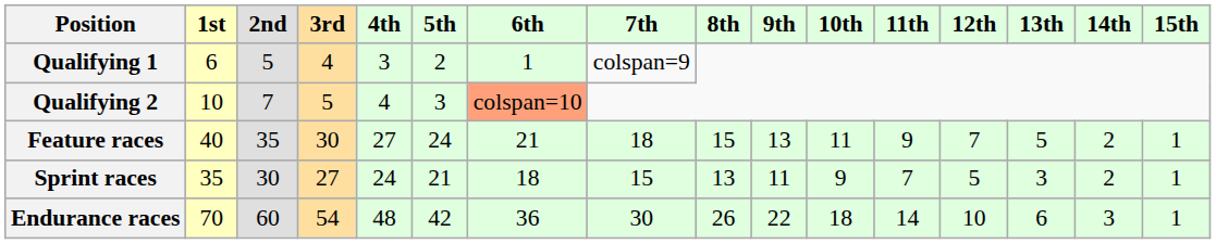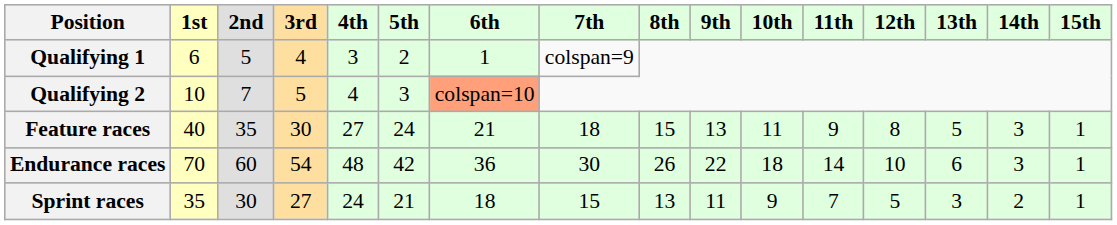 <table class="wikitable" style="font-size:85%; text-align:center">
 <tr>
 <th>Position</th>
 <td style="background:#ffffbf;"> <strong>1st</strong> </td>
 <td style="background:#dfdfdf;"> <strong>2nd</strong> </td>
 <td style="background:#ffdf9f;"> <strong>3rd</strong> </td>
 <td style="background:#dfffdf;"> <strong>4th</strong> </td>
 <td style="background:#dfffdf;"> <strong>5th</strong> </td>
 <td style="background:#dfffdf;"> <strong>6th</strong> </td>
 <td style="background:#dfffdf;"> <strong>7th</strong> </td>
 <td style="background:#dfffdf;"> <strong>8th</strong> </td>
 <td style="background:#dfffdf;"> <strong>9th</strong> </td>
 <td style="background:#dfffdf;"> <strong>10th</strong> </td>
 <td style="background:#dfffdf;"> <strong>11th</strong> </td>
 <td style="background:#dfffdf;"> <strong>12th</strong> </td>
 <td style="background:#dfffdf;"> <strong>13th</strong> </td>
 <td style="background:#dfffdf;"> <strong>14th</strong> </td>
 <td style="background:#dfffdf;"> <strong>15th</strong> </td>
 </tr>
 <tr>
 <th>Qualifying 1</th>
 <td style="background:#ffffbf;">6</td>
 <td style="background:#dfdfdf;">5</td>
 <td style="background:#ffdf9f;">4</td>
 <td style="background:#dfffdf;">3</td>
 <td style="background:#dfffdf;">2</td>
 <td style="background:#dfffdf;">1</td>
 <td>colspan=9 </td>
 </tr>
 <tr>
 <th>Qualifying 2</th>
 <td style="background:#ffffbf;">10</td>
 <td style="background:#dfdfdf;">7</td>
 <td style="background:#ffdf9f;">5</td>
 <td style="background:#dfffdf;">4</td>
 <td style="background:#dfffdf;">3</td>
 <td style="background: lightsalmon;">colspan=10 </td>
 </tr>
 <tr>
 <th>Feature races</th>
 <td style="background:#ffffbf;">40</td>
 <td style="background:#dfdfdf;">35</td>
 <td style="background:#ffdf9f;">30</td>
 <td style="background:#dfffdf;">27</td>
 <td style="background:#dfffdf;">24</td>
 <td style="background:#dfffdf;">21</td>
 <td style="background:#dfffdf;">18</td>
 <td style="background:#dfffdf;">15</td>
 <td style="background:#dfffdf;">13</td>
 <td style="background:#dfffdf;">11</td>
 <td style="background:#dfffdf;">9</td>
-<td style="background:#dfffdf;">7</td>
+<td style="background:#dfffdf;">8</td>
 <td style="background:#dfffdf;">5</td>
-<td style="background:#dfffdf;">2</td>
+<td style="background:#dfffdf;">3</td>
+<td style="background:#dfffdf;">1</td>
+</tr>
+<tr>
+<th>Endurance races</th>
+<td style="background:#ffffbf;">70</td>
+<td style="background:#dfdfdf;">60</td>
+<td style="background:#ffdf9f;">54</td>
+<td style="background:#dfffdf;">48</td>
+<td style="background:#dfffdf;">42</td>
+<td style="background:#dfffdf;">36</td>
+<td style="background:#dfffdf;">30</td>
+<td style="background:#dfffdf;">26</td>
+<td style="background:#dfffdf;">22</td>
+<td style="background:#dfffdf;">18</td>
+<td style="background:#dfffdf;">14</td>
+<td style="background:#dfffdf;">10</td>
+<td style="background:#dfffdf;">6</td>
+<td style="background:#dfffdf;">3</td>
 <td style="background:#dfffdf;">1</td>
 </tr>
 <tr>
 <th>Sprint races</th>
 <td style="background:#ffffbf;">35</td>
 <td style="background:#dfdfdf;">30</td>
 <td style="background:#ffdf9f;">27</td>
 <td style="background:#dfffdf;">24</td>
 <td style="background:#dfffdf;">21</td>
 <td style="background:#dfffdf;">18</td>
 <td style="background:#dfffdf;">15</td>
 <td style="background:#dfffdf;">13</td>
 <td style="background:#dfffdf;">11</td>
 <td style="background:#dfffdf;">9</td>
 <td style="background:#dfffdf;">7</td>
 <td style="background:#dfffdf;">5</td>
 <td style="background:#dfffdf;">3</td>
 <td style="background:#dfffdf;">2</td>
 <td style="background:#dfffdf;">1</td>
 </tr>
-<tr>
-<th>Endurance races</th>
-<td style="background:#ffffbf;">70</td>
-<td style="background:#dfdfdf;">60</td>
-<td style="background:#ffdf9f;">54</td>
-<td style="background:#dfffdf;">48</td>
-<td style="background:#dfffdf;">42</td>
-<td style="background:#dfffdf;">36</td>
-<td style="background:#dfffdf;">30</td>
-<td style="background:#dfffdf;">26</td>
-<td style="background:#dfffdf;">22</td>
-<td style="background:#dfffdf;">18</td>
-<td style="background:#dfffdf;">14</td>
-<td style="background:#dfffdf;">10</td>
-<td style="background:#dfffdf;">6</td>
-<td style="background:#dfffdf;">3</td>
-<td style="background:#dfffdf;">1</td>
-</tr>
 </table>
